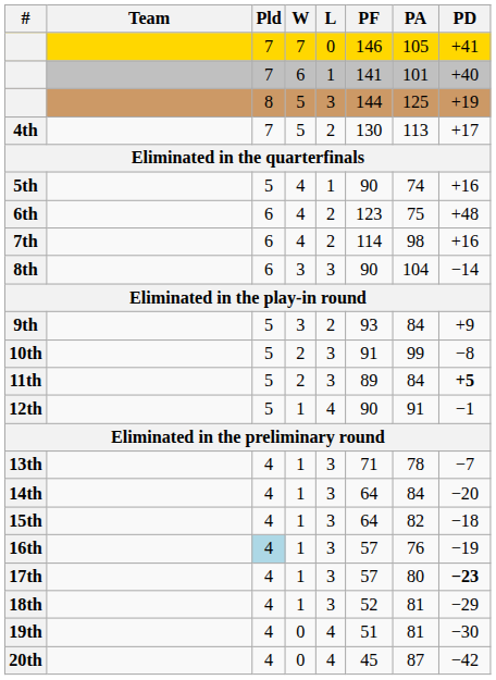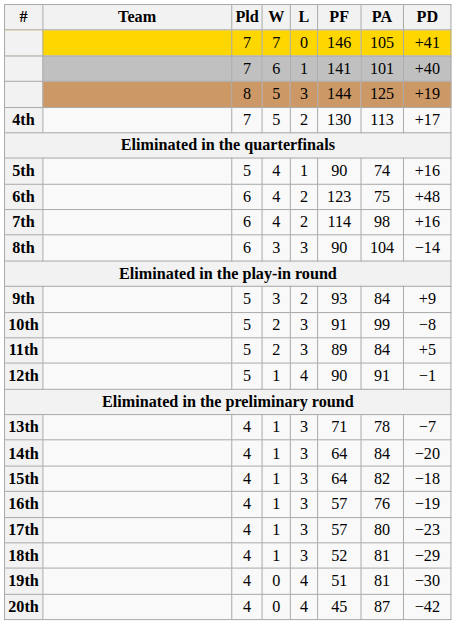 <table class=wikitable style="text-align:center;">
 <tr>
 <th>#</th>
 <th width=180px>Team</th>
 <th width=20px>Pld</th>
 <th width=20px>W</th>
 <th width=20px>L</th>
 <th width=35px>PF</th>
 <th width=35px>PA</th>
 <th width=40px>PD</th>
 </tr>
 <tr bgcolor=gold>
 <th></th>
 <td align=left></td>
 <td>7</td>
 <td>7</td>
 <td>0</td>
 <td>146</td>
 <td>105</td>
 <td>+41</td>
 </tr>
 <tr bgcolor=silver>
 <th></th>
 <td align=left></td>
 <td>7</td>
 <td>6</td>
 <td>1</td>
 <td>141</td>
 <td>101</td>
 <td>+40</td>
 </tr>
 <tr bgcolor=cc9966>
 <th></th>
 <td align=left></td>
 <td>8</td>
 <td>5</td>
 <td>3</td>
 <td>144</td>
 <td>125</td>
 <td>+19</td>
 </tr>
 <tr>
 <th>4th</th>
 <td align=left></td>
 <td>7</td>
 <td>5</td>
 <td>2</td>
 <td>130</td>
 <td>113</td>
 <td>+17</td>
 </tr>
 <tr>
 <th colspan=8>Eliminated in the quarterfinals</th>
 </tr>
 <tr>
 <th>5th</th>
 <td align=left></td>
 <td>5</td>
 <td>4</td>
 <td>1</td>
 <td>90</td>
 <td>74</td>
 <td>+16</td>
 </tr>
 <tr>
 <th>6th</th>
 <td align=left></td>
 <td>6</td>
 <td>4</td>
 <td>2</td>
 <td>123</td>
 <td>75</td>
 <td>+48</td>
 </tr>
 <tr>
 <th>7th</th>
 <td align=left></td>
 <td>6</td>
 <td>4</td>
 <td>2</td>
 <td>114</td>
 <td>98</td>
 <td>+16</td>
 </tr>
 <tr>
 <th>8th</th>
 <td align=left></td>
 <td>6</td>
 <td>3</td>
 <td>3</td>
 <td>90</td>
 <td>104</td>
 <td>−14</td>
 </tr>
 <tr>
 <th colspan=8>Eliminated in the play-in round</th>
 </tr>
 <tr>
 <th>9th</th>
 <td align=left></td>
 <td>5</td>
 <td>3</td>
 <td>2</td>
 <td>93</td>
 <td>84</td>
 <td>+9</td>
 </tr>
 <tr>
 <th>10th</th>
 <td align=left></td>
 <td>5</td>
 <td>2</td>
 <td>3</td>
 <td>91</td>
 <td>99</td>
 <td>−8</td>
 </tr>
 <tr>
 <th>11th</th>
 <td align=left></td>
 <td>5</td>
 <td>2</td>
 <td>3</td>
 <td>89</td>
 <td>84</td>
-<td><strong>+5</strong></td>
+<td>+5</td>
 </tr>
 <tr>
 <th>12th</th>
 <td align=left></td>
 <td>5</td>
 <td>1</td>
 <td>4</td>
 <td>90</td>
 <td>91</td>
 <td>−1</td>
 </tr>
 <tr>
 <th colspan=8>Eliminated in the preliminary round</th>
 </tr>
 <tr>
 <th>13th</th>
 <td align=left></td>
 <td>4</td>
 <td>1</td>
 <td>3</td>
 <td>71</td>
 <td>78</td>
 <td>−7</td>
 </tr>
 <tr>
 <th>14th</th>
 <td align=left></td>
 <td>4</td>
 <td>1</td>
 <td>3</td>
 <td>64</td>
 <td>84</td>
 <td>−20</td>
 </tr>
 <tr>
 <th>15th</th>
 <td align=left></td>
 <td>4</td>
 <td>1</td>
 <td>3</td>
 <td>64</td>
 <td>82</td>
 <td>−18</td>
 </tr>
 <tr>
 <th>16th</th>
 <td align=left></td>
-<td style="background: lightblue;">4</td>
+<td>4</td>
 <td>1</td>
 <td>3</td>
 <td>57</td>
 <td>76</td>
 <td>−19</td>
 </tr>
 <tr>
 <th>17th</th>
 <td align=left></td>
 <td>4</td>
 <td>1</td>
 <td>3</td>
 <td>57</td>
 <td>80</td>
-<td><strong>−23</strong></td>
+<td>−23</td>
 </tr>
 <tr>
 <th>18th</th>
 <td align=left></td>
 <td>4</td>
 <td>1</td>
 <td>3</td>
 <td>52</td>
 <td>81</td>
 <td>−29</td>
 </tr>
 <tr>
 <th>19th</th>
 <td align=left></td>
 <td>4</td>
 <td>0</td>
 <td>4</td>
 <td>51</td>
 <td>81</td>
 <td>−30</td>
 </tr>
 <tr>
 <th>20th</th>
 <td align=left></td>
 <td>4</td>
 <td>0</td>
 <td>4</td>
 <td>45</td>
 <td>87</td>
 <td>−42</td>
 </tr>
 </table>
